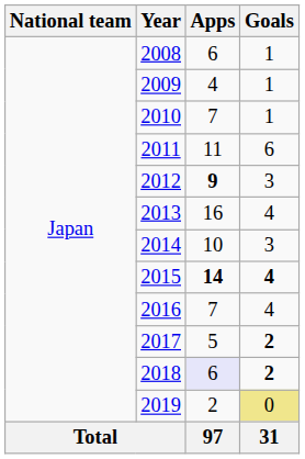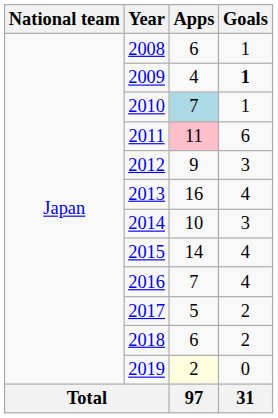 <table class="wikitable" style="text-align:center">
 <tr>
 <th>National team</th>
 <th>Year</th>
 <th>Apps</th>
 <th>Goals</th>
 </tr>
 <tr>
 <td rowspan="12"><a href='#'>Japan</a></td>
 <td><a href='#'>2008</a></td>
 <td>6</td>
 <td>1</td>
 </tr>
 <tr>
 <td><a href='#'>2009</a></td>
 <td>4</td>
-<td>1</td>
+<td><strong>1</strong></td>
 </tr>
 <tr>
 <td><a href='#'>2010</a></td>
-<td>7</td>
+<td style="background: lightblue;">7</td>
 <td>1</td>
 </tr>
 <tr>
 <td><a href='#'>2011</a></td>
-<td>11</td>
+<td style="background: pink;">11</td>
 <td>6</td>
 </tr>
 <tr>
 <td><a href='#'>2012</a></td>
-<td><strong>9</strong></td>
+<td>9</td>
 <td>3</td>
 </tr>
 <tr>
 <td><a href='#'>2013</a></td>
 <td>16</td>
 <td>4</td>
 </tr>
 <tr>
 <td><a href='#'>2014</a></td>
 <td>10</td>
 <td>3</td>
 </tr>
 <tr>
 <td><a href='#'>2015</a></td>
-<td><strong>14</strong></td>
-<td><strong>4</strong></td>
+<td>14</td>
+<td>4</td>
 </tr>
 <tr>
 <td><a href='#'>2016</a></td>
 <td>7</td>
 <td>4</td>
 </tr>
 <tr>
 <td><a href='#'>2017</a></td>
 <td>5</td>
-<td><strong>2</strong></td>
+<td>2</td>
 </tr>
 <tr>
 <td><a href='#'>2018</a></td>
-<td style="background: lavender;">6</td>
-<td><strong>2</strong></td>
+<td>6</td>
+<td>2</td>
 </tr>
 <tr>
 <td><a href='#'>2019</a></td>
-<td>2</td>
-<td style="background: khaki;">0</td>
+<td style="background: lightyellow;">2</td>
+<td>0</td>
 </tr>
 <tr>
 <th colspan="2">Total</th>
 <th>97</th>
 <th>31</th>
 </tr>
 </table>
